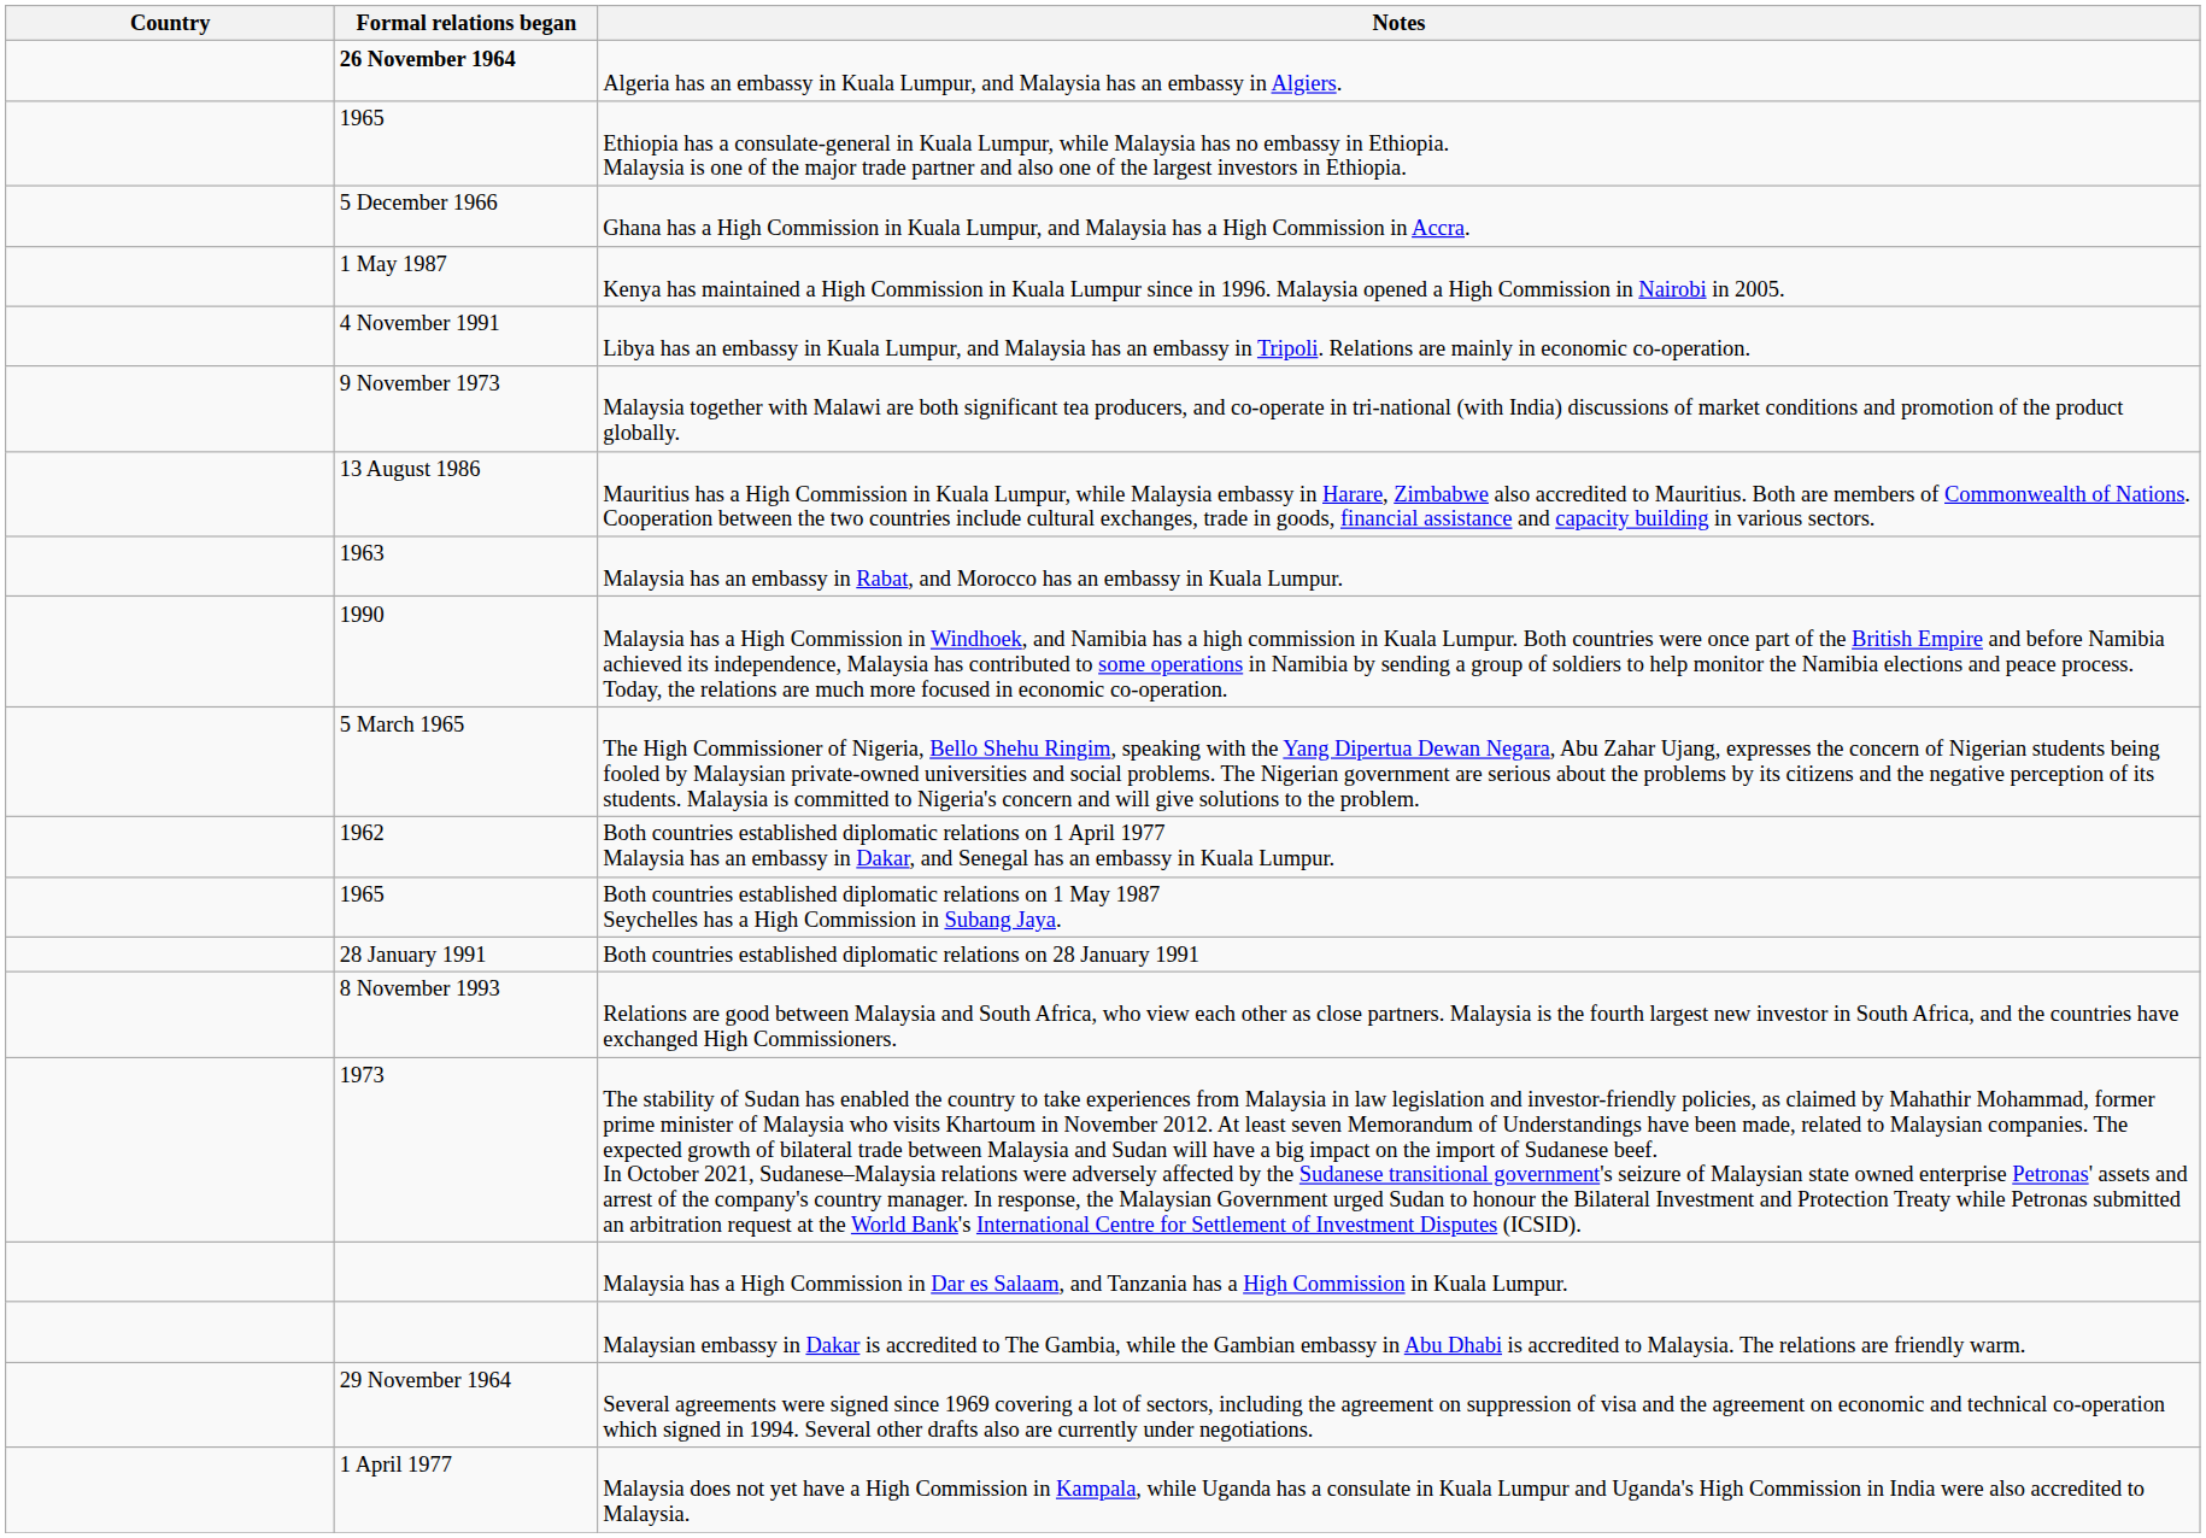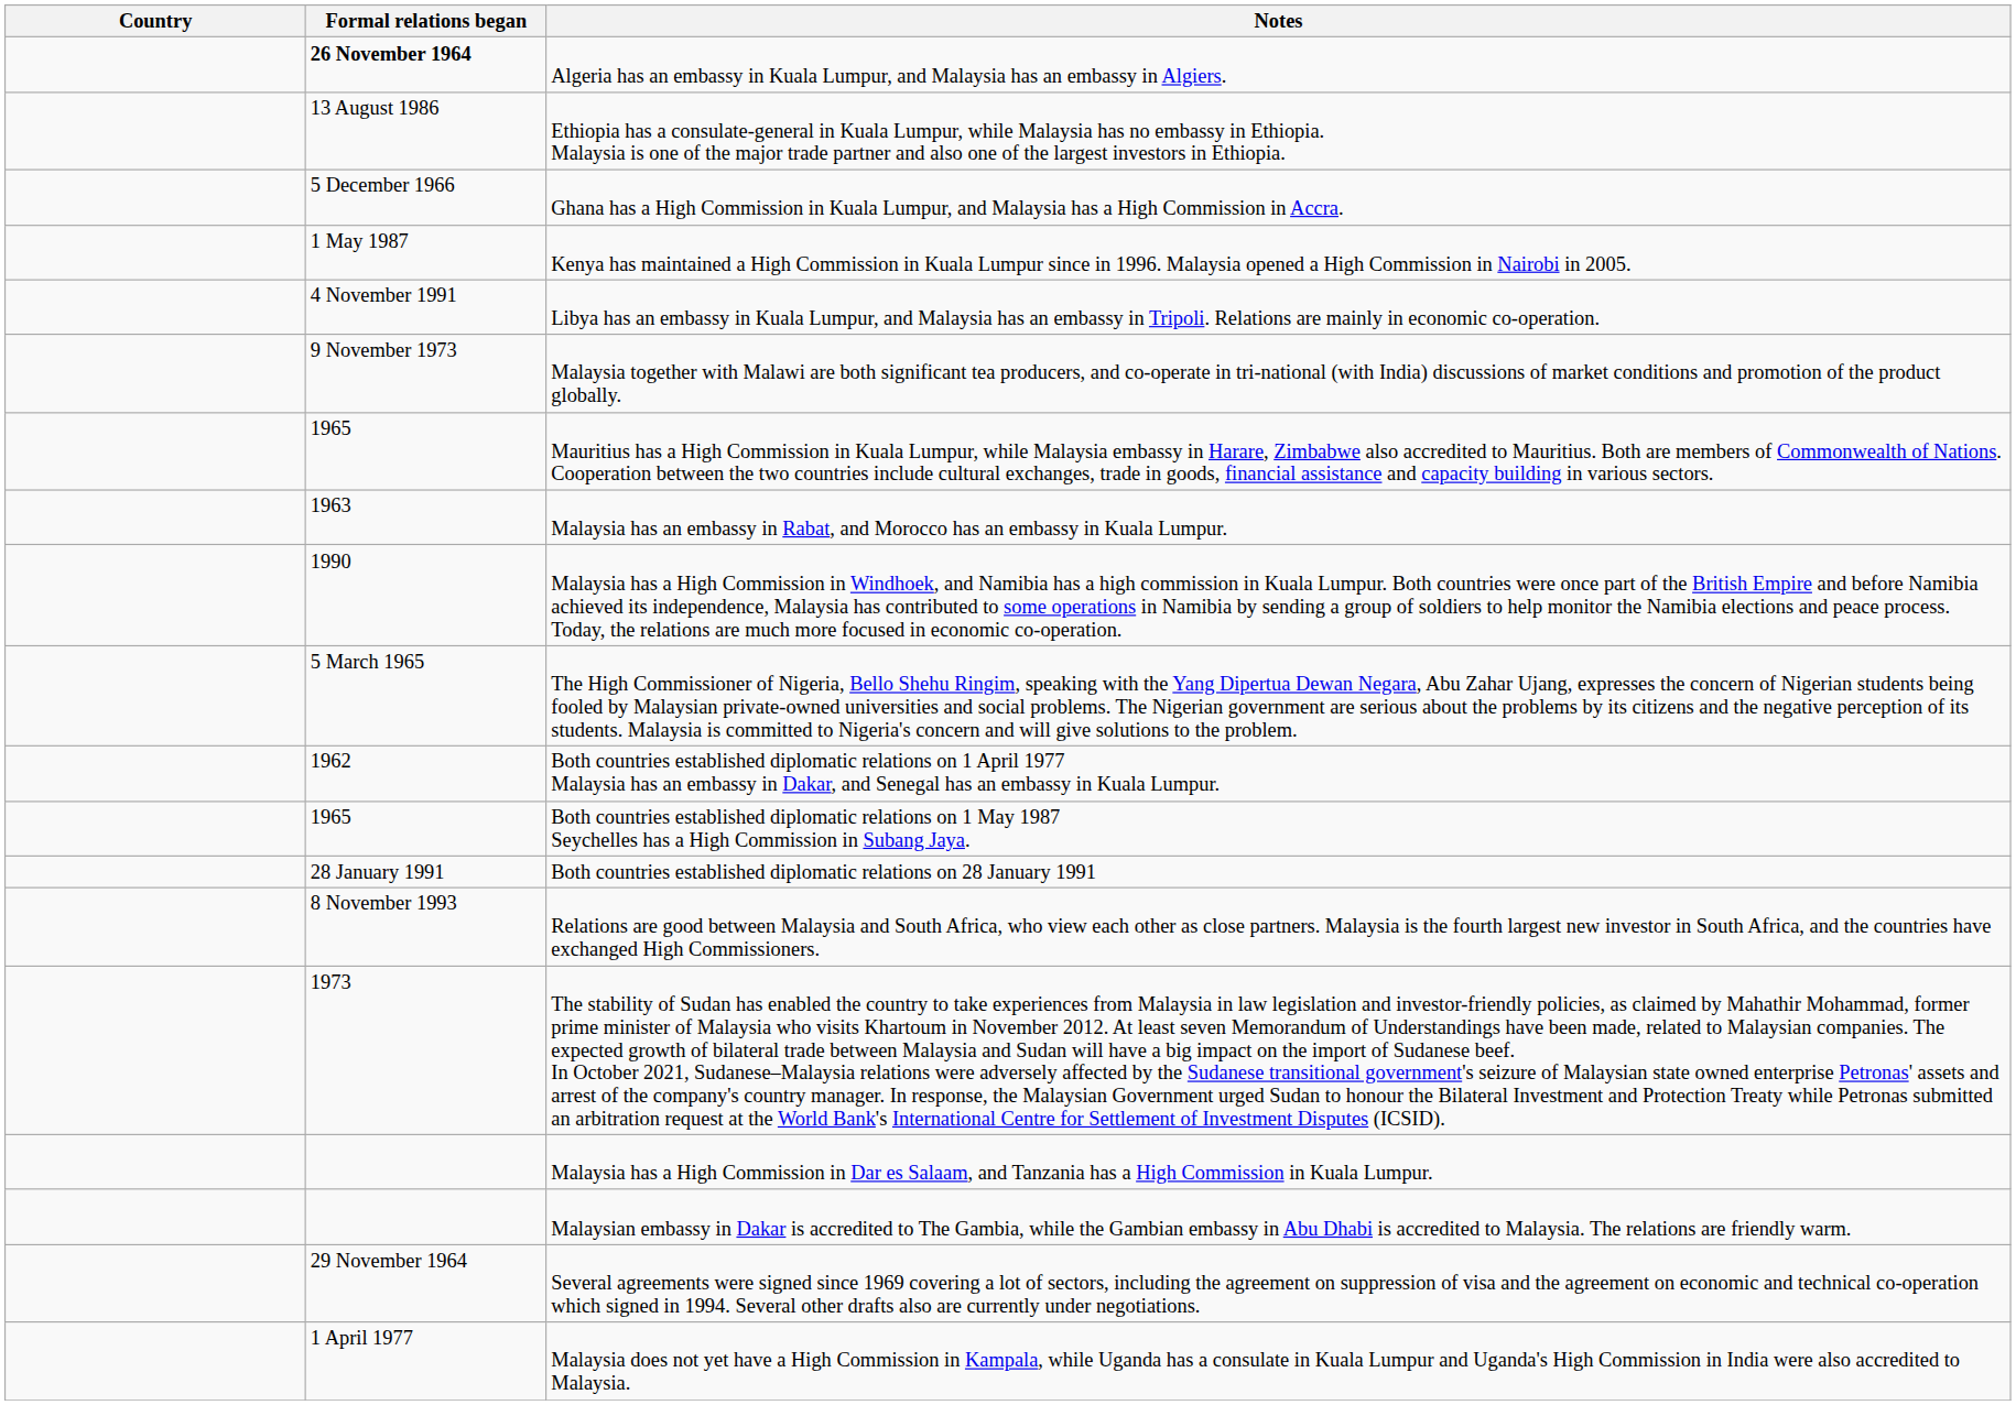 <table class="wikitable sortable" style="width:100%; margin:auto;">
 <tr>
 <th style="width:15%;">Country</th>
 <th style="width:12%;">Formal relations began</th>
 <th>Notes</th>
 </tr>
 <tr valign="top">
 <td></td>
 <td><strong>26 November 1964</strong></td>
 <td><br>Algeria has an embassy in Kuala Lumpur, and Malaysia has an embassy in <a href='#'>Algiers</a>.</td>
 </tr>
 <tr valign="top">
 <td></td>
-<td>1965</td>
+<td>13 August 1986</td>
 <td><br>Ethiopia has a consulate-general in Kuala Lumpur, while Malaysia has no embassy in Ethiopia.<br>Malaysia is one of the major trade partner and also one of the largest investors in Ethiopia.</td>
 </tr>
 <tr valign="top">
 <td></td>
 <td>5 December 1966</td>
 <td><br>Ghana has a High Commission in Kuala Lumpur, and Malaysia has a High Commission in <a href='#'>Accra</a>.</td>
 </tr>
 <tr valign="top">
 <td></td>
 <td>1 May 1987</td>
 <td><br>Kenya has maintained a High Commission in Kuala Lumpur since in 1996. Malaysia opened a High Commission in <a href='#'>Nairobi</a> in 2005.</td>
 </tr>
 <tr valign="top">
 <td></td>
 <td>4 November 1991</td>
 <td><br>Libya has an embassy in Kuala Lumpur, and Malaysia has an embassy in <a href='#'>Tripoli</a>. Relations are mainly in economic co-operation.</td>
 </tr>
 <tr valign="top">
 <td></td>
 <td>9 November 1973</td>
 <td><br>Malaysia together with Malawi are both significant tea producers, and co-operate in tri-national (with India) discussions of market conditions and promotion of the product globally.</td>
 </tr>
 <tr valign="top">
 <td></td>
-<td>13 August 1986</td>
+<td>1965</td>
 <td><br>Mauritius has a High Commission in Kuala Lumpur, while Malaysia embassy in <a href='#'>Harare</a>, <a href='#'>Zimbabwe</a> also accredited to Mauritius. Both are members of <a href='#'>Commonwealth of Nations</a>. Cooperation between the two countries include cultural exchanges, trade in goods, <a href='#'>financial assistance</a> and <a href='#'>capacity building</a> in various sectors.</td>
 </tr>
 <tr valign="top">
 <td></td>
 <td>1963</td>
 <td><br>Malaysia has an embassy in <a href='#'>Rabat</a>, and Morocco has an embassy in Kuala Lumpur.</td>
 </tr>
 <tr valign="top">
 <td></td>
 <td>1990</td>
 <td><br>Malaysia has a High Commission in <a href='#'>Windhoek</a>, and Namibia has a high commission in Kuala Lumpur. Both countries were once part of the <a href='#'>British Empire</a> and before Namibia achieved its independence, Malaysia has contributed to <a href='#'>some operations</a> in Namibia by sending a group of soldiers to help monitor the Namibia elections and peace process. Today, the relations are much more focused in economic co-operation.</td>
 </tr>
 <tr valign="top">
 <td></td>
 <td>5 March 1965</td>
 <td><br>The High Commissioner of Nigeria, <a href='#'>Bello Shehu Ringim</a>, speaking with the <a href='#'>Yang Dipertua Dewan Negara</a>, Abu Zahar Ujang, expresses the concern of Nigerian students being fooled by Malaysian private-owned universities and social problems. The Nigerian government are serious about the problems by its citizens and the negative perception of its students. Malaysia is committed to Nigeria's concern and will give solutions to the problem.</td>
 </tr>
 <tr valign="top">
 <td></td>
 <td>1962</td>
 <td>Both countries established diplomatic relations on 1 April 1977<br>Malaysia has an embassy in <a href='#'>Dakar</a>, and Senegal has an embassy in Kuala Lumpur.</td>
 </tr>
 <tr valign="top">
 <td></td>
 <td>1965</td>
 <td>Both countries established diplomatic relations on 1 May 1987<br>Seychelles has a High Commission in <a href='#'>Subang Jaya</a>.</td>
 </tr>
 <tr>
 <td></td>
 <td>28 January 1991</td>
 <td>Both countries established diplomatic relations on 28 January 1991</td>
 </tr>
 <tr valign="top">
 <td></td>
 <td>8 November 1993</td>
 <td><br>Relations are good between Malaysia and South Africa, who view each other as close partners. Malaysia is the fourth largest new investor in South Africa, and the countries have exchanged High Commissioners.</td>
 </tr>
 <tr valign="top">
 <td></td>
 <td>1973</td>
 <td><br>The stability of Sudan has enabled the country to take experiences from Malaysia in law legislation and investor-friendly policies, as claimed by Mahathir Mohammad, former prime minister of Malaysia who visits Khartoum in November 2012. At least seven Memorandum of Understandings have been made, related to Malaysian companies. The expected growth of bilateral trade between Malaysia and Sudan will have a big impact on the import of Sudanese beef.<br>In October 2021, Sudanese–Malaysia relations were adversely affected by the <a href='#'>Sudanese transitional government</a>'s seizure of Malaysian state owned enterprise <a href='#'>Petronas</a>' assets and arrest of the company's country manager. In response, the Malaysian Government urged Sudan to honour the Bilateral Investment and Protection Treaty while Petronas submitted an arbitration request at the <a href='#'>World Bank</a>'s <a href='#'>International Centre for Settlement of Investment Disputes</a> (ICSID).</td>
 </tr>
 <tr valign="top">
 <td></td>
 <td></td>
 <td><br>Malaysia has a High Commission in <a href='#'>Dar es Salaam</a>, and Tanzania has a <a href='#'>High Commission</a> in Kuala Lumpur.</td>
 </tr>
 <tr valign="top">
 <td></td>
 <td></td>
 <td><br>Malaysian embassy in <a href='#'>Dakar</a> is accredited to The Gambia, while the Gambian embassy in <a href='#'>Abu Dhabi</a> is accredited to Malaysia. The relations are friendly warm.</td>
 </tr>
 <tr valign="top">
 <td></td>
 <td>29 November 1964</td>
 <td><br>Several agreements were signed since 1969 covering a lot of sectors, including the agreement on suppression of visa and the agreement on economic and technical co-operation which signed in 1994. Several other drafts also are currently under negotiations.</td>
 </tr>
 <tr valign="top">
 <td></td>
 <td>1 April 1977</td>
 <td><br>Malaysia does not yet have a High Commission in <a href='#'>Kampala</a>, while Uganda has a consulate in Kuala Lumpur and Uganda's High Commission in India were also accredited to Malaysia.</td>
 </tr>
 </table>
